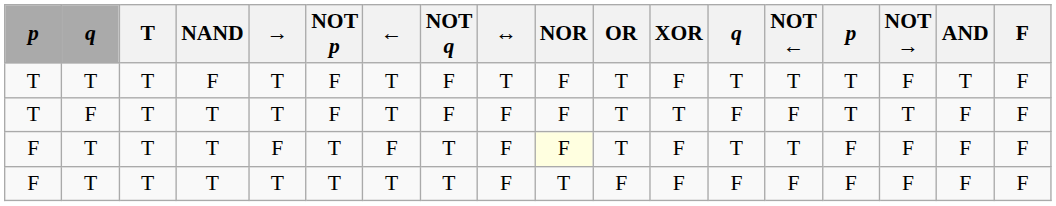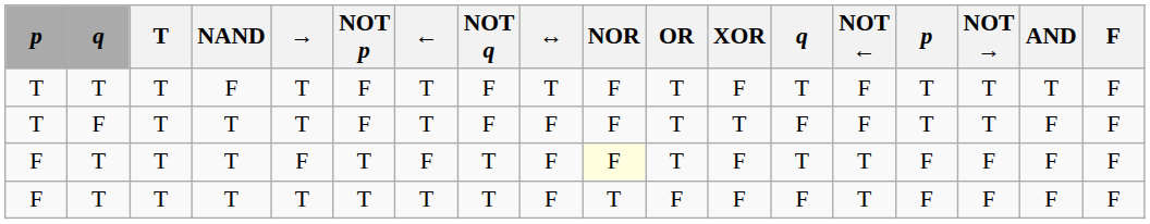 <table border="1" class="wikitable" style="text-align:center;">
 <tr>
 <th style="width:35px;background:#aaaaaa;"><em>p</em></th>
 <th style="width:35px;background:#aaaaaa;"><em>q</em></th>
 <th style="width:35px">T</th>
 <th style="width:35px">NAND</th>
 <th style="width:35px">→</th>
 <th style="width:35px">NOT <em>p</em></th>
 <th style="width:35px">←</th>
 <th style="width:35px">NOT <em>q</em></th>
 <th style="width:35px">↔</th>
 <th style="width:35px">NOR</th>
 <th style="width:35px">OR</th>
 <th style="width:35px">XOR</th>
 <th style="width:35px"><em>q</em></th>
 <th style="width:35px">NOT ←</th>
 <th style="width:35px"><em>p</em></th>
 <th style="width:35px">NOT →</th>
 <th style="width:35px">AND</th>
 <th style="width:35px">F</th>
 </tr>
 <tr>
 <td>T</td>
 <td>T</td>
 <td>T</td>
 <td>F</td>
 <td>T</td>
 <td>F</td>
 <td>T</td>
 <td>F</td>
 <td>T</td>
 <td>F</td>
 <td>T</td>
 <td>F</td>
 <td>T</td>
+<td>F</td>
 <td>T</td>
 <td>T</td>
-<td>F</td>
 <td>T</td>
 <td>F</td>
 </tr>
 <tr>
 <td>T</td>
 <td>F</td>
 <td>T</td>
 <td>T</td>
 <td>T</td>
 <td>F</td>
 <td>T</td>
 <td>F</td>
 <td>F</td>
 <td>F</td>
 <td>T</td>
 <td>T</td>
 <td>F</td>
 <td>F</td>
 <td>T</td>
 <td>T</td>
 <td>F</td>
 <td>F</td>
 </tr>
 <tr>
 <td>F</td>
 <td>T</td>
 <td>T</td>
 <td>T</td>
 <td>F</td>
 <td>T</td>
 <td>F</td>
 <td>T</td>
 <td>F</td>
 <td style="background: lightyellow;">F</td>
 <td>T</td>
 <td>F</td>
 <td>T</td>
 <td>T</td>
 <td>F</td>
 <td>F</td>
 <td>F</td>
 <td>F</td>
 </tr>
 <tr>
 <td>F</td>
 <td>T</td>
 <td>T</td>
 <td>T</td>
 <td>T</td>
 <td>T</td>
 <td>T</td>
 <td>T</td>
 <td>F</td>
 <td>T</td>
 <td>F</td>
 <td>F</td>
 <td>F</td>
-<td>F</td>
+<td>T</td>
 <td>F</td>
 <td>F</td>
 <td>F</td>
 <td>F</td>
 </tr>
 </table>
